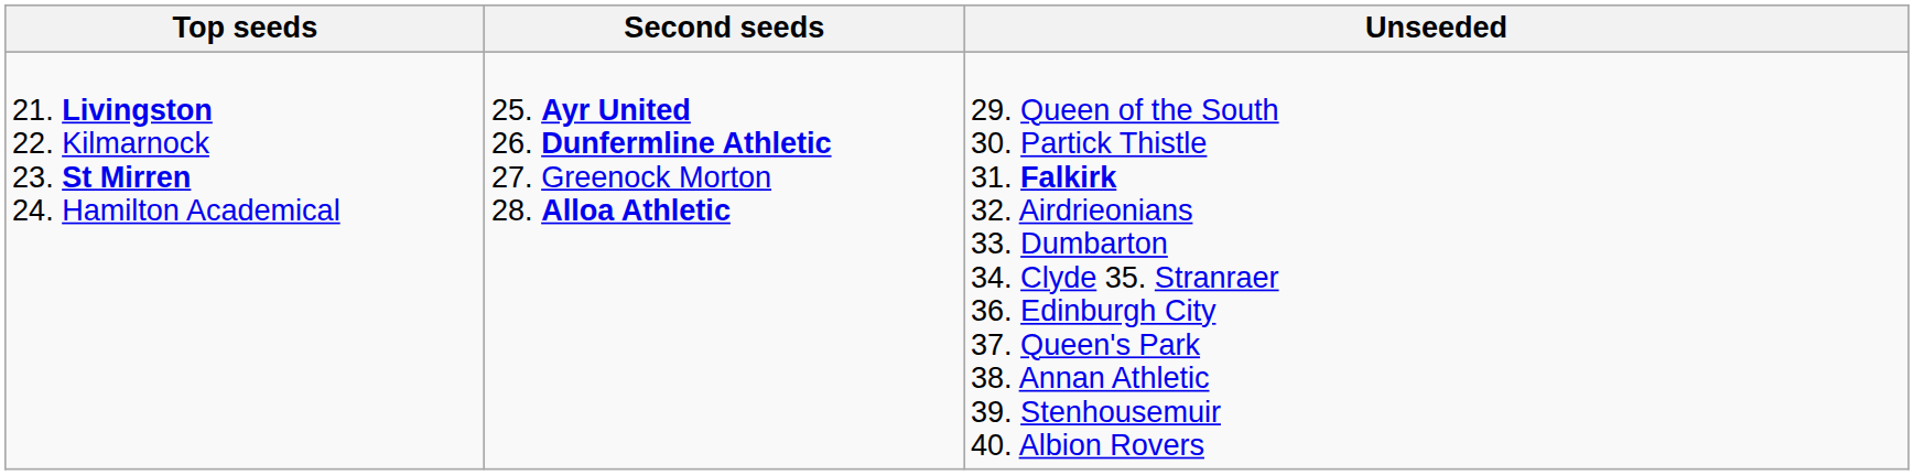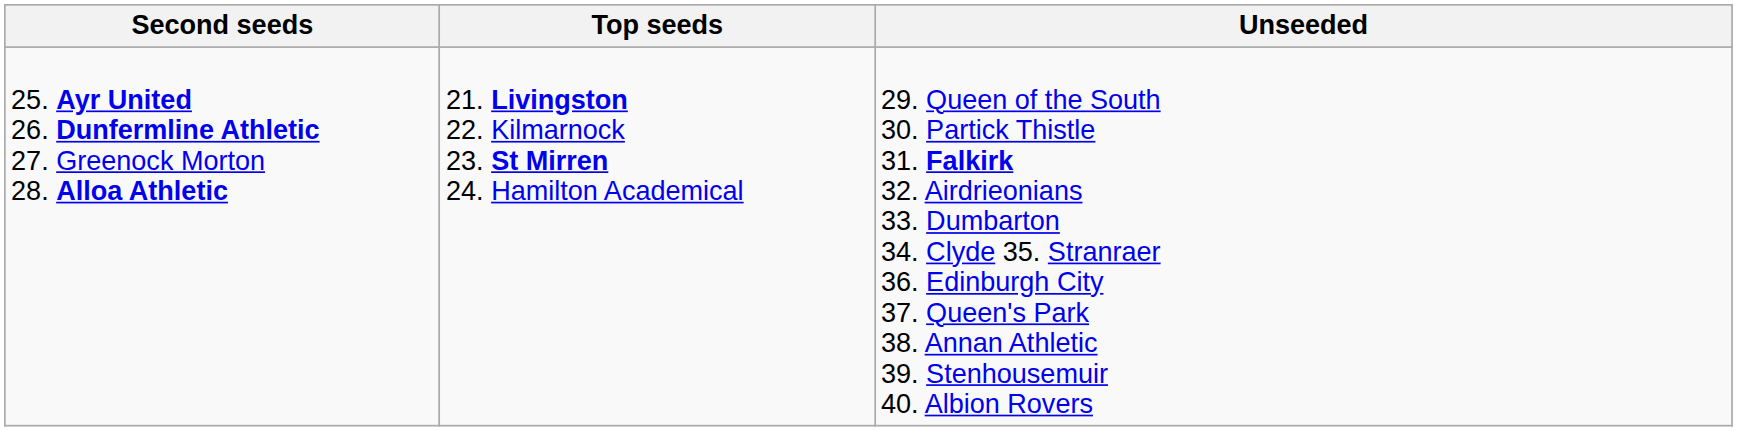 <table class="wikitable">
 <tr>
+<th style="width:250px;">Second seeds</th>
 <th style="width:250px;">Top seeds</th>
-<th style="width:250px;">Second seeds</th>
 <th style="width:500px;">Unseeded</th>
 </tr>
 <tr>
+<td valign=top><br>25. <strong><a href='#'>Ayr United</a></strong><br> 26. <strong><a href='#'>Dunfermline Athletic</a></strong><br> 27. <a href='#'>Greenock Morton</a><br> 28. <strong><a href='#'>Alloa Athletic</a></strong></td>
 <td valign=top><br>21. <strong><a href='#'>Livingston</a></strong><br> 22. <a href='#'>Kilmarnock</a><br> 23. <strong><a href='#'>St Mirren</a></strong><br> 24. <a href='#'>Hamilton Academical</a></td>
-<td valign=top><br>25. <strong><a href='#'>Ayr United</a></strong><br> 26. <strong><a href='#'>Dunfermline Athletic</a></strong><br> 27. <a href='#'>Greenock Morton</a><br> 28. <strong><a href='#'>Alloa Athletic</a></strong></td>
 <td valign=top><br>  29. <a href='#'>Queen of the South</a><br> 30. <a href='#'>Partick Thistle</a><br> 31. <strong><a href='#'>Falkirk</a></strong><br> 32. <a href='#'>Airdrieonians</a><br> 33. <a href='#'>Dumbarton</a><br> 34. <a href='#'>Clyde</a>  35. <a href='#'>Stranraer</a><br> 36. <a href='#'>Edinburgh City</a><br> 37. <a href='#'>Queen's Park</a><br> 38. <a href='#'>Annan Athletic</a><br> 39. <a href='#'>Stenhousemuir</a><br> 40. <a href='#'>Albion Rovers</a><br> </td>
 </tr>
 </table>
